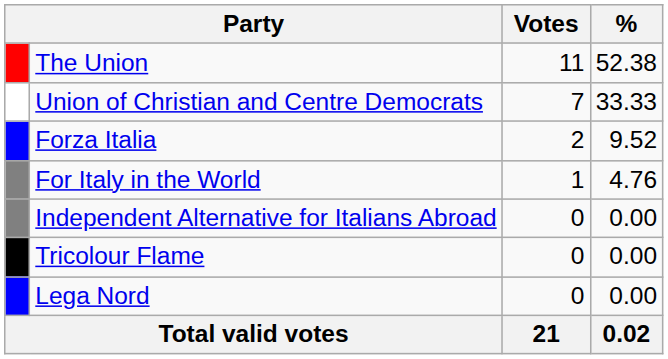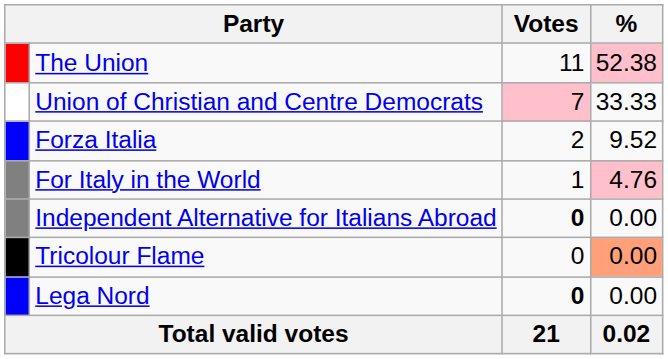 <table class="wikitable">
 <tr>
 <th colspan="2" style="width: 130px">Party</th>
 <th style="width: 50px">Votes</th>
 <th style="width: 40px">%</th>
 </tr>
 <tr>
 <td style="background-color:red">  </td>
 <td style="text-align: left"><a href='#'>The Union</a></td>
 <td style="text-align: right">11</td>
-<td style="text-align: right">52.38</td>
+<td style="background: pink; text-align: right">52.38</td>
 </tr>
 <tr>
 <td style="background-color:white">  </td>
 <td style="text-align: left"><a href='#'>Union of Christian and Centre Democrats</a></td>
-<td align="right">7</td>
+<td align="right" style="background: pink;">7</td>
 <td align="right">33.33</td>
 </tr>
 <tr>
 <td style="background-color:blue">  </td>
 <td style="text-align: left"><a href='#'>Forza Italia</a></td>
 <td style="text-align: right">2</td>
 <td style="text-align: right">9.52</td>
 </tr>
 <tr>
 <td style="background-color:grey">  </td>
 <td style="text-align: left"><a href='#'>For Italy in the World</a></td>
 <td align="right">1</td>
-<td align="right">4.76</td>
+<td align="right" style="background: pink;">4.76</td>
 </tr>
 <tr>
 <td style="background-color:grey">  </td>
 <td style="text-align: left"><a href='#'>Independent Alternative for Italians Abroad</a></td>
-<td align="right">0</td>
+<td align="right"><strong>0</strong></td>
 <td align="right">0.00</td>
 </tr>
 <tr>
 <td style="background-color:black">  </td>
 <td style="text-align: left"><a href='#'>Tricolour Flame</a></td>
 <td align="right">0</td>
-<td align="right">0.00</td>
+<td align="right" style="background: lightsalmon;">0.00</td>
 </tr>
 <tr>
 <td style="background-color:blue">  </td>
 <td style="text-align: left"><a href='#'>Lega Nord</a></td>
-<td align="right">0</td>
+<td align="right"><strong>0</strong></td>
 <td align="right">0.00</td>
 </tr>
 <tr bgcolor="white">
 <th align="right" colspan=2>Total valid votes</th>
 <th align="right">21</th>
 <th align="right">0.02</th>
 </tr>
 </table>
